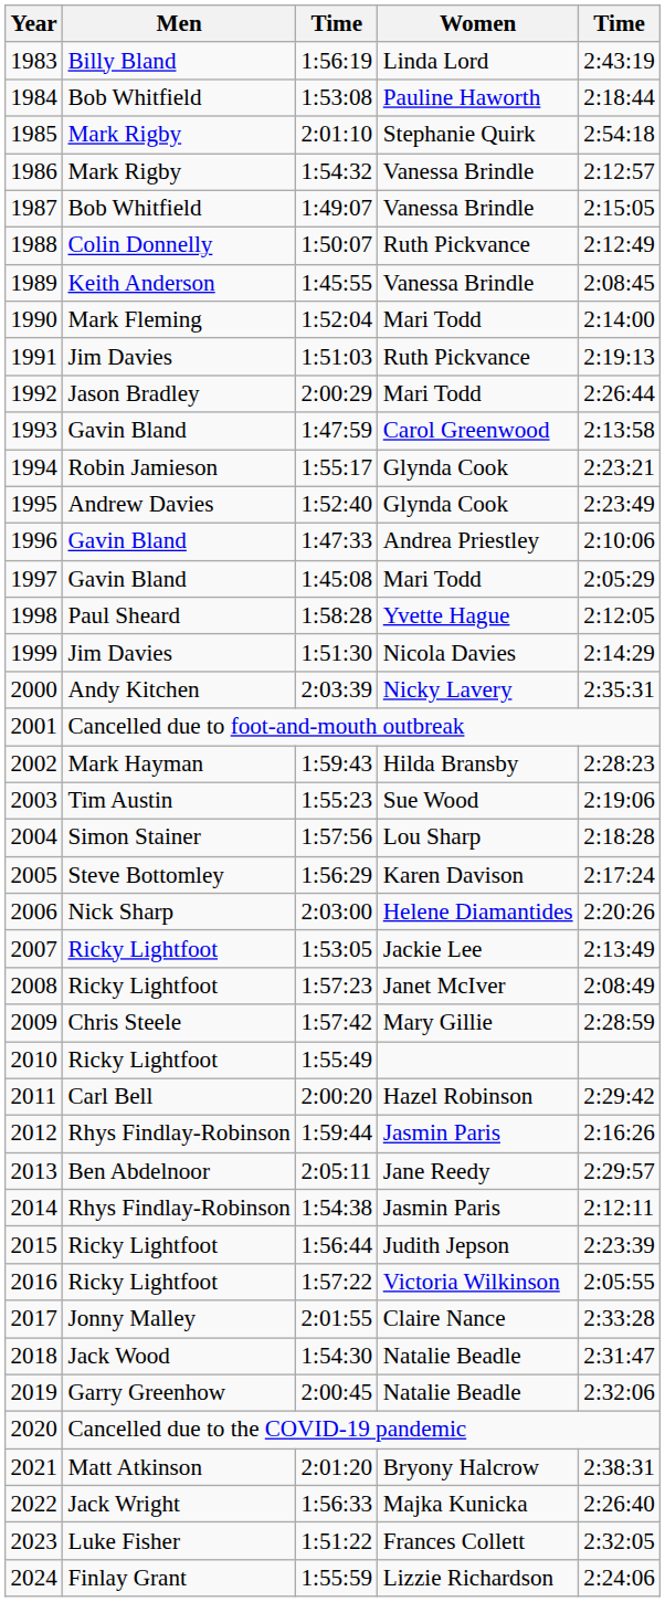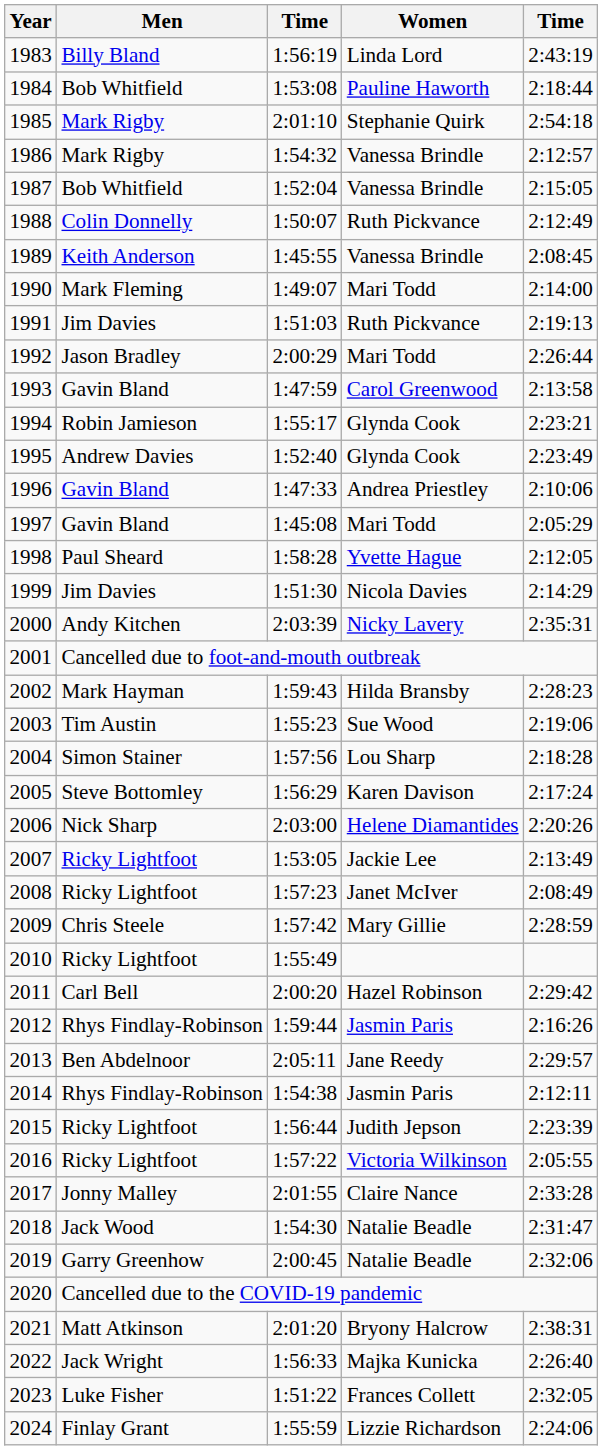 <table class="wikitable sortable">
 <tr>
 <th>Year</th>
 <th>Men</th>
 <th>Time</th>
 <th>Women</th>
 <th>Time</th>
 </tr>
 <tr>
 <td>1983</td>
 <td><a href='#'>Billy Bland</a></td>
 <td>1:56:19</td>
 <td>Linda Lord</td>
 <td>2:43:19</td>
 </tr>
 <tr>
 <td>1984</td>
 <td>Bob Whitfield</td>
 <td>1:53:08</td>
 <td><a href='#'>Pauline Haworth</a></td>
 <td>2:18:44</td>
 </tr>
 <tr>
 <td>1985</td>
 <td><a href='#'>Mark Rigby</a></td>
 <td>2:01:10</td>
 <td>Stephanie Quirk</td>
 <td>2:54:18</td>
 </tr>
 <tr>
 <td>1986</td>
 <td>Mark Rigby</td>
 <td>1:54:32</td>
 <td>Vanessa Brindle</td>
 <td>2:12:57</td>
 </tr>
 <tr>
 <td>1987</td>
 <td>Bob Whitfield</td>
-<td>1:49:07</td>
+<td>1:52:04</td>
 <td>Vanessa Brindle</td>
 <td>2:15:05</td>
 </tr>
 <tr>
 <td>1988</td>
 <td><a href='#'>Colin Donnelly</a></td>
 <td>1:50:07</td>
 <td>Ruth Pickvance</td>
 <td>2:12:49</td>
 </tr>
 <tr>
 <td>1989</td>
 <td><a href='#'>Keith Anderson</a></td>
 <td>1:45:55</td>
 <td>Vanessa Brindle</td>
 <td>2:08:45</td>
 </tr>
 <tr>
 <td>1990</td>
 <td>Mark Fleming</td>
-<td>1:52:04</td>
+<td>1:49:07</td>
 <td>Mari Todd</td>
 <td>2:14:00</td>
 </tr>
 <tr>
 <td>1991</td>
 <td>Jim Davies</td>
 <td>1:51:03</td>
 <td>Ruth Pickvance</td>
 <td>2:19:13</td>
 </tr>
 <tr>
 <td>1992</td>
 <td>Jason Bradley</td>
 <td>2:00:29</td>
 <td>Mari Todd</td>
 <td>2:26:44</td>
 </tr>
 <tr>
 <td>1993</td>
 <td>Gavin Bland</td>
 <td>1:47:59</td>
 <td><a href='#'>Carol Greenwood</a></td>
 <td>2:13:58</td>
 </tr>
 <tr>
 <td>1994</td>
 <td>Robin Jamieson</td>
 <td>1:55:17</td>
 <td>Glynda Cook</td>
 <td>2:23:21</td>
 </tr>
 <tr>
 <td>1995</td>
 <td>Andrew Davies</td>
 <td>1:52:40</td>
 <td>Glynda Cook</td>
 <td>2:23:49</td>
 </tr>
 <tr>
 <td>1996</td>
 <td><a href='#'>Gavin Bland</a></td>
 <td>1:47:33</td>
 <td>Andrea Priestley</td>
 <td>2:10:06</td>
 </tr>
 <tr>
 <td>1997</td>
 <td>Gavin Bland</td>
 <td>1:45:08</td>
 <td>Mari Todd</td>
 <td>2:05:29</td>
 </tr>
 <tr>
 <td>1998</td>
 <td>Paul Sheard</td>
 <td>1:58:28</td>
 <td><a href='#'>Yvette Hague</a></td>
 <td>2:12:05</td>
 </tr>
 <tr>
 <td>1999</td>
 <td>Jim Davies</td>
 <td>1:51:30</td>
 <td>Nicola Davies</td>
 <td>2:14:29</td>
 </tr>
 <tr>
 <td>2000</td>
 <td>Andy Kitchen</td>
 <td>2:03:39</td>
 <td><a href='#'>Nicky Lavery</a></td>
 <td>2:35:31</td>
 </tr>
 <tr>
 <td>2001</td>
 <td colspan="4">Cancelled due to <a href='#'>foot-and-mouth outbreak</a></td>
 </tr>
 <tr>
 <td>2002</td>
 <td>Mark Hayman</td>
 <td>1:59:43</td>
 <td>Hilda Bransby</td>
 <td>2:28:23</td>
 </tr>
 <tr>
 <td>2003</td>
 <td>Tim Austin</td>
 <td>1:55:23</td>
 <td>Sue Wood</td>
 <td>2:19:06</td>
 </tr>
 <tr>
 <td>2004</td>
 <td>Simon Stainer</td>
 <td>1:57:56</td>
 <td>Lou Sharp</td>
 <td>2:18:28</td>
 </tr>
 <tr>
 <td>2005</td>
 <td>Steve Bottomley</td>
 <td>1:56:29</td>
 <td>Karen Davison</td>
 <td>2:17:24</td>
 </tr>
 <tr>
 <td>2006</td>
 <td>Nick Sharp</td>
 <td>2:03:00</td>
 <td><a href='#'>Helene Diamantides</a></td>
 <td>2:20:26</td>
 </tr>
 <tr>
 <td>2007</td>
 <td><a href='#'>Ricky Lightfoot</a></td>
 <td>1:53:05</td>
 <td>Jackie Lee</td>
 <td>2:13:49</td>
 </tr>
 <tr>
 <td>2008</td>
 <td>Ricky Lightfoot</td>
 <td>1:57:23</td>
 <td>Janet McIver</td>
 <td>2:08:49</td>
 </tr>
 <tr>
 <td>2009</td>
 <td>Chris Steele</td>
 <td>1:57:42</td>
 <td>Mary Gillie</td>
 <td>2:28:59</td>
 </tr>
 <tr>
 <td>2010</td>
 <td>Ricky Lightfoot</td>
 <td>1:55:49</td>
 <td></td>
 <td></td>
 </tr>
 <tr>
 <td>2011</td>
 <td>Carl Bell</td>
 <td>2:00:20</td>
 <td>Hazel Robinson</td>
 <td>2:29:42</td>
 </tr>
 <tr>
 <td>2012</td>
 <td>Rhys Findlay-Robinson</td>
 <td>1:59:44</td>
 <td><a href='#'>Jasmin Paris</a></td>
 <td>2:16:26</td>
 </tr>
 <tr>
 <td>2013</td>
 <td>Ben Abdelnoor</td>
 <td>2:05:11</td>
 <td>Jane Reedy</td>
 <td>2:29:57</td>
 </tr>
 <tr>
 <td>2014</td>
 <td>Rhys Findlay-Robinson</td>
 <td>1:54:38</td>
 <td>Jasmin Paris</td>
 <td>2:12:11</td>
 </tr>
 <tr>
 <td>2015</td>
 <td>Ricky Lightfoot</td>
 <td>1:56:44</td>
 <td>Judith Jepson</td>
 <td>2:23:39</td>
 </tr>
 <tr>
 <td>2016</td>
 <td>Ricky Lightfoot</td>
 <td>1:57:22</td>
 <td><a href='#'>Victoria Wilkinson</a></td>
 <td>2:05:55</td>
 </tr>
 <tr>
 <td>2017</td>
 <td>Jonny Malley</td>
 <td>2:01:55</td>
 <td>Claire Nance</td>
 <td>2:33:28</td>
 </tr>
 <tr>
 <td>2018</td>
 <td>Jack Wood</td>
 <td>1:54:30</td>
 <td>Natalie Beadle</td>
 <td>2:31:47</td>
 </tr>
 <tr>
 <td>2019</td>
 <td>Garry Greenhow</td>
 <td>2:00:45</td>
 <td>Natalie Beadle</td>
 <td>2:32:06</td>
 </tr>
 <tr>
 <td>2020</td>
 <td colspan="4">Cancelled due to the <a href='#'>COVID-19 pandemic</a></td>
 </tr>
 <tr>
 <td>2021</td>
 <td>Matt Atkinson</td>
 <td>2:01:20</td>
 <td>Bryony Halcrow</td>
 <td>2:38:31</td>
 </tr>
 <tr>
 <td>2022</td>
 <td>Jack Wright</td>
 <td>1:56:33</td>
 <td>Majka Kunicka</td>
 <td>2:26:40</td>
 </tr>
 <tr>
 <td>2023</td>
 <td>Luke Fisher</td>
 <td>1:51:22</td>
 <td>Frances Collett</td>
 <td>2:32:05</td>
 </tr>
 <tr>
 <td>2024</td>
 <td>Finlay Grant</td>
 <td>1:55:59</td>
 <td>Lizzie Richardson</td>
 <td>2:24:06</td>
 </tr>
 </table>
